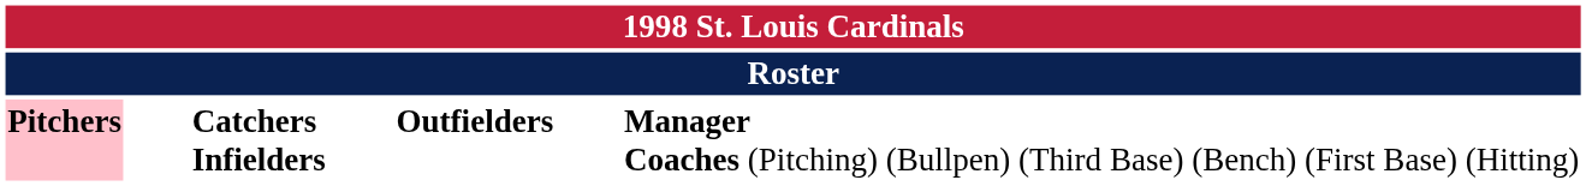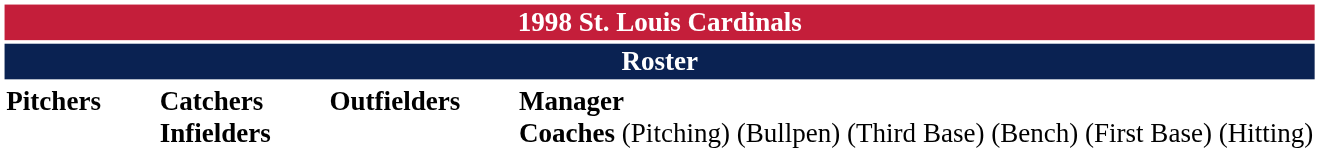 <table class="toccolours" style="font-size: 95%;">
 <tr>
 <th colspan="10" style="background-color: #c41e3a; color: #FFFFFF; text-align: center;">1998 St. Louis Cardinals</th>
 </tr>
 <tr>
 <td colspan="10" style="background-color: #0a2252; color: #FFFFFF; text-align: center;"><strong>Roster</strong></td>
 </tr>
 <tr>
-<td valign="top" style="background: pink;"><strong>Pitchers</strong><br>                     </td>
+<td valign="top"><strong>Pitchers</strong><br>                     </td>
 <td width="25px"></td>
 <td valign="top"><strong>Catchers</strong><br>   <strong>Infielders</strong>            </td>
 <td width="25px"></td>
 <td valign="top"><strong>Outfielders</strong><br>       </td>
 <td width="25px"></td>
 <td valign="top"><strong>Manager</strong><br> <strong>Coaches</strong>  (Pitching)  (Bullpen)  (Third Base)  (Bench)  (First Base)  (Hitting)</td>
 </tr>
 </table>
